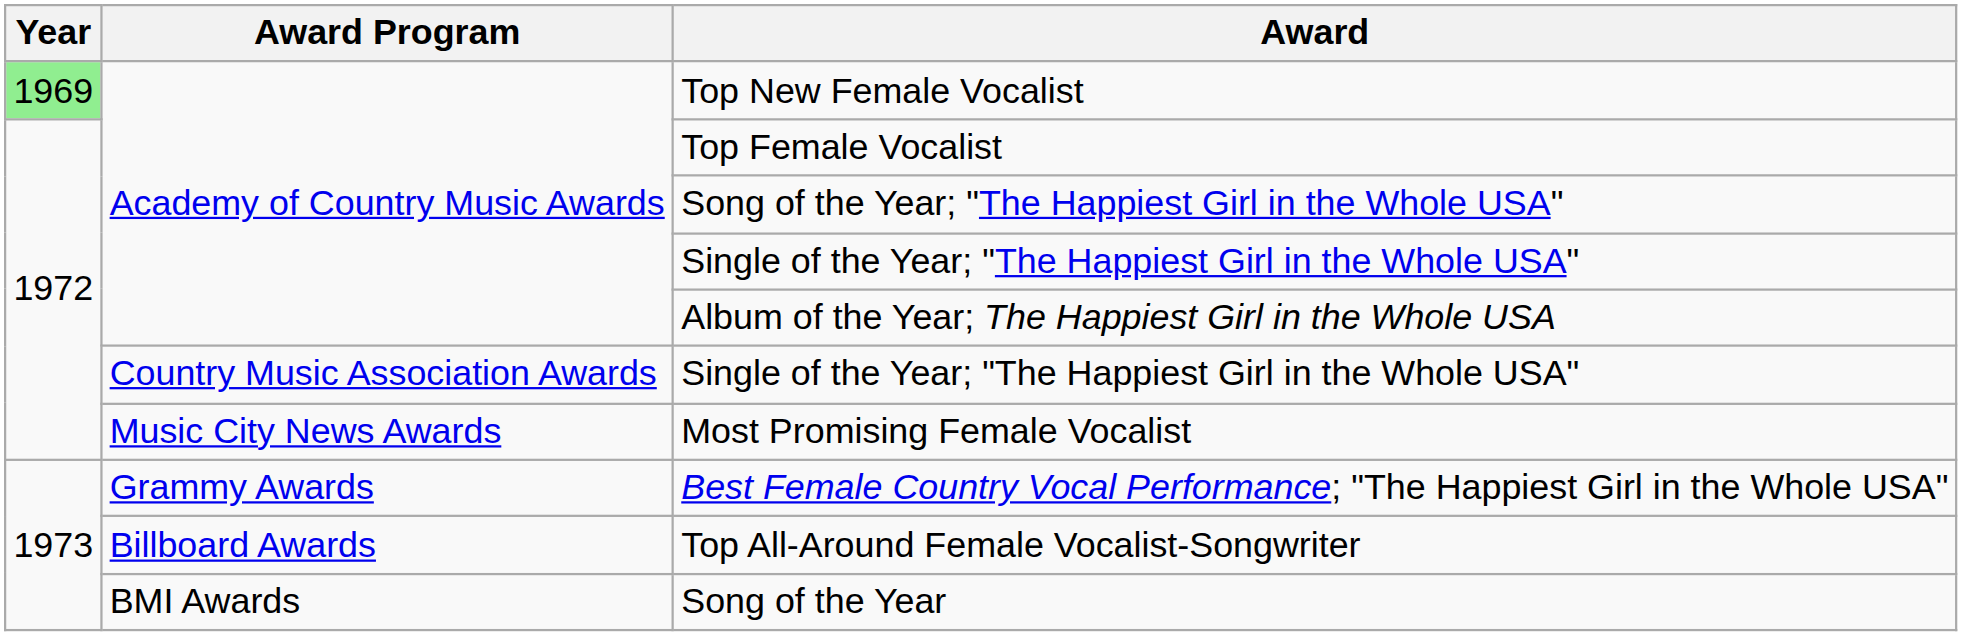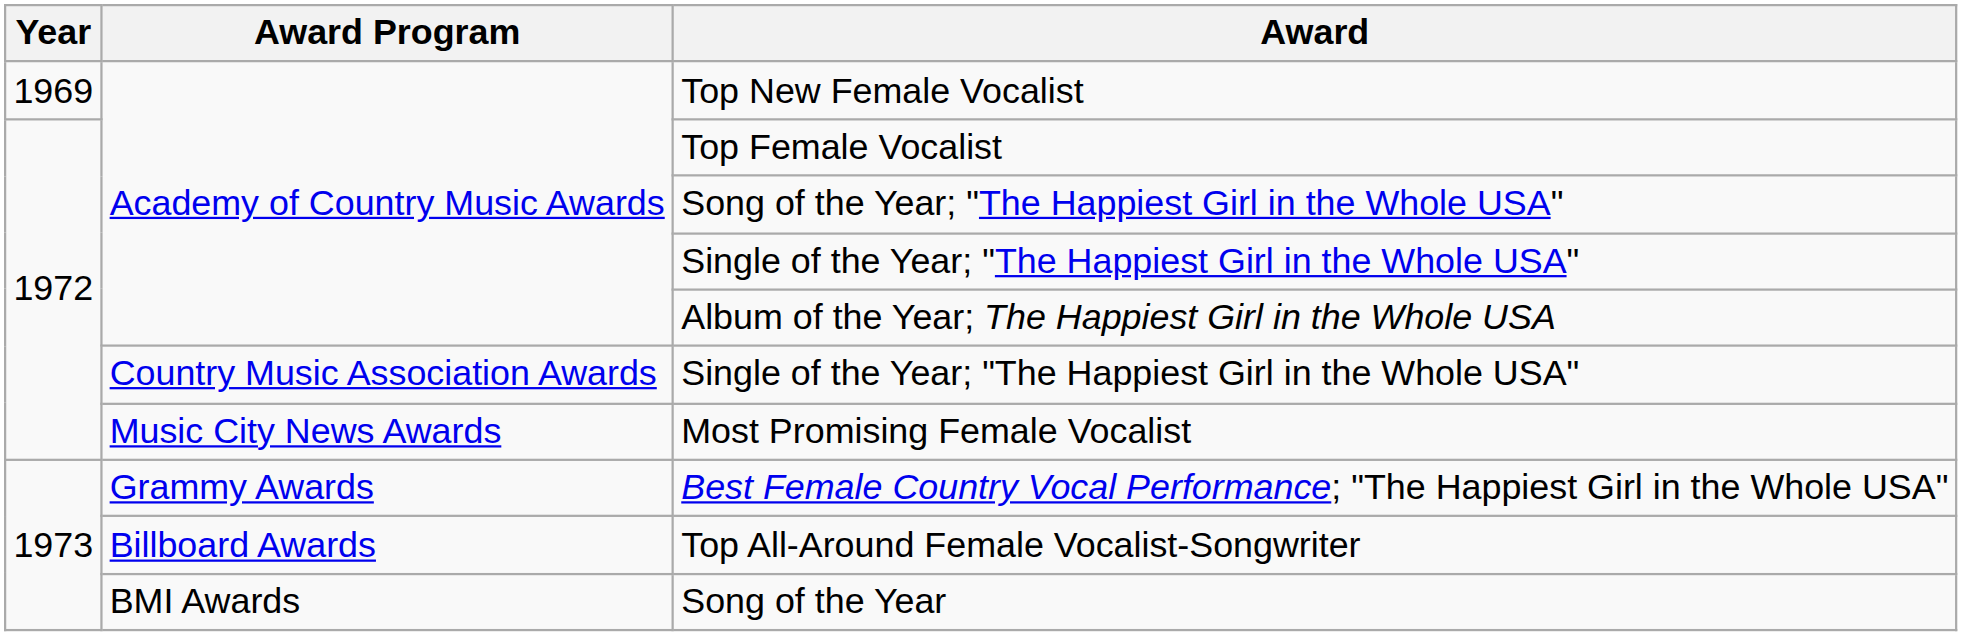 <table class="wikitable">
 <tr>
 <th>Year</th>
 <th>Award Program</th>
 <th>Award</th>
 </tr>
 <tr>
-<td style="background: lightgreen;">1969</td>
+<td>1969</td>
 <td rowspan="5"><a href='#'>Academy of Country Music Awards</a></td>
 <td>Top New Female Vocalist</td>
 </tr>
 <tr>
 <td rowspan="6">1972</td>
 <td>Top Female Vocalist</td>
 </tr>
 <tr>
 <td>Song of the Year; "<a href='#'>The Happiest Girl in the Whole USA</a>"</td>
 </tr>
 <tr>
 <td>Single of the Year; "<a href='#'>The Happiest Girl in the Whole USA</a>"</td>
 </tr>
 <tr>
 <td>Album of the Year; <em>The Happiest Girl in the Whole USA</em></td>
 </tr>
 <tr>
 <td><a href='#'>Country Music Association Awards</a></td>
 <td>Single of the Year; "The Happiest Girl in the Whole USA"</td>
 </tr>
 <tr>
 <td><a href='#'>Music City News Awards</a></td>
 <td>Most Promising Female Vocalist</td>
 </tr>
 <tr>
 <td rowspan="3">1973</td>
 <td><a href='#'>Grammy Awards</a></td>
 <td><em><a href='#'>Best Female Country Vocal Performance</a></em>; "The Happiest Girl in the Whole USA"</td>
 </tr>
 <tr>
 <td><a href='#'>Billboard Awards</a></td>
 <td>Top All-Around Female Vocalist-Songwriter</td>
 </tr>
 <tr>
 <td>BMI Awards</td>
 <td>Song of the Year</td>
 </tr>
 </table>
